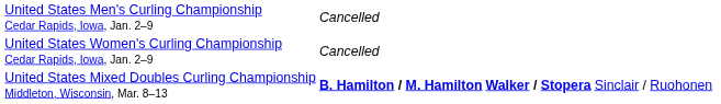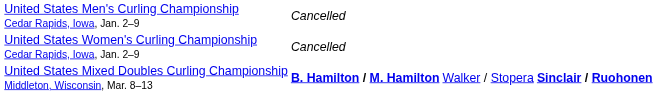 <table>
 <tr>
 <td><a href='#'>United States Men's Curling Championship</a> <br> <small><a href='#'>Cedar Rapids, Iowa</a>, Jan. 2–9</small></td>
 <td colspan="3"><em>Cancelled</em></td>
 </tr>
 <tr>
 <td><a href='#'>United States Women's Curling Championship</a> <br> <small><a href='#'>Cedar Rapids, Iowa</a>, Jan. 2–9</small></td>
 <td colspan="3"><em>Cancelled</em></td>
 </tr>
 <tr>
 <td><a href='#'>United States Mixed Doubles Curling Championship</a> <br> <small><a href='#'>Middleton, Wisconsin</a>, Mar. 8–13</small></td>
 <td><strong> <a href='#'>B. Hamilton</a> / <a href='#'>M. Hamilton</a></strong></td>
-<td><strong> <a href='#'>Walker</a> / <a href='#'>Stopera</a></strong></td>
-<td> <a href='#'>Sinclair</a> / <a href='#'>Ruohonen</a></td>
+<td> <a href='#'>Walker</a> / <a href='#'>Stopera</a></td>
+<td><strong> <a href='#'>Sinclair</a> / <a href='#'>Ruohonen</a></strong></td>
 </tr>
 </table>
